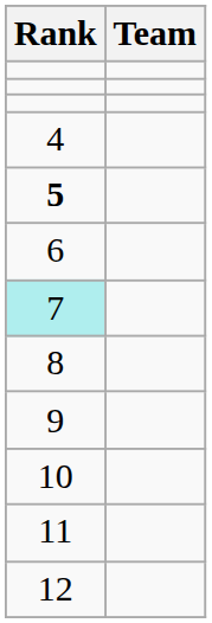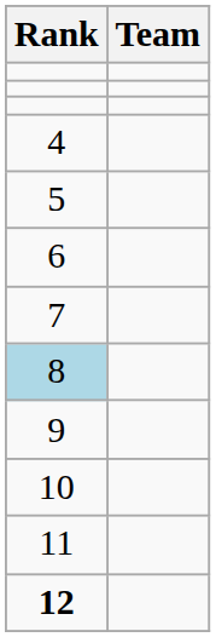 <table class="wikitable sortable">
 <tr>
 <th>Rank</th>
 <th>Team</th>
 </tr>
 <tr>
 <td align=center></td>
 <td></td>
 </tr>
 <tr>
 <td align=center></td>
 <td></td>
 </tr>
 <tr>
 <td align=center></td>
 <td></td>
 </tr>
 <tr>
 <td align=center>4</td>
 <td></td>
 </tr>
 <tr>
-<td align=center><strong>5</strong></td>
+<td align=center>5</td>
 <td></td>
 </tr>
 <tr>
 <td align=center>6</td>
 <td></td>
 </tr>
 <tr>
-<td align=center style="background: paleturquoise;">7</td>
+<td align=center>7</td>
 <td></td>
 </tr>
 <tr>
-<td align=center>8</td>
+<td align=center style="background: lightblue;">8</td>
 <td></td>
 </tr>
 <tr>
 <td align=center>9</td>
 <td></td>
 </tr>
 <tr>
 <td align=center>10</td>
 <td></td>
 </tr>
 <tr>
 <td align=center>11</td>
 <td></td>
 </tr>
 <tr>
-<td align=center>12</td>
+<td align=center><strong>12</strong></td>
 <td></td>
 </tr>
 </table>
